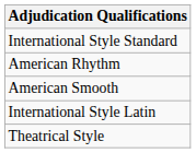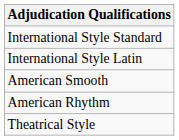 <table class="wikitable">
 <tr>
 <th>Adjudication Qualifications</th>
 </tr>
 <tr>
 <td>International Style Standard</td>
 </tr>
 <tr>
-<td>American Rhythm</td>
+<td>International Style Latin</td>
 </tr>
 <tr>
 <td>American Smooth</td>
 </tr>
 <tr>
-<td>International Style Latin</td>
+<td>American Rhythm</td>
 </tr>
 <tr>
 <td>Theatrical Style</td>
 </tr>
 </table>
